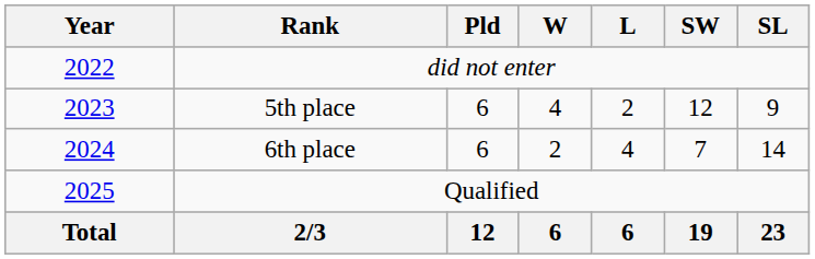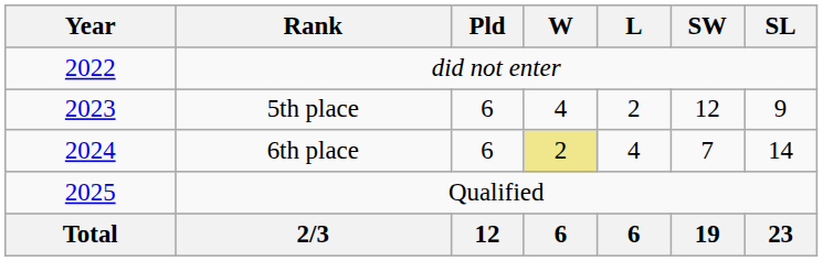 <table class="wikitable" style="text-align: center;font-size:90%;">
 <tr>
 <th width=90>Year</th>
 <th width=150>Rank</th>
 <th width=35>Pld</th>
 <th width=35>W</th>
 <th width=35>L</th>
 <th width=35>SW</th>
 <th width=35>SL</th>
 </tr>
 <tr>
 <td> <a href='#'>2022</a></td>
 <td colspan=6><em>did not enter</em></td>
 </tr>
 <tr>
 <td> <a href='#'>2023</a></td>
 <td>5th place</td>
 <td>6</td>
 <td>4</td>
 <td>2</td>
 <td>12</td>
 <td>9</td>
 </tr>
 <tr>
 <td> <a href='#'>2024</a></td>
 <td>6th place</td>
 <td>6</td>
-<td>2</td>
+<td style="background: khaki;">2</td>
 <td>4</td>
 <td>7</td>
 <td>14</td>
 </tr>
 <tr>
 <td> <a href='#'>2025</a></td>
 <td colspan="6">Qualified</td>
 </tr>
 <tr>
 <th>Total</th>
 <th>2/3</th>
 <th>12</th>
 <th>6</th>
 <th>6</th>
 <th>19</th>
 <th>23</th>
 </tr>
 </table>
